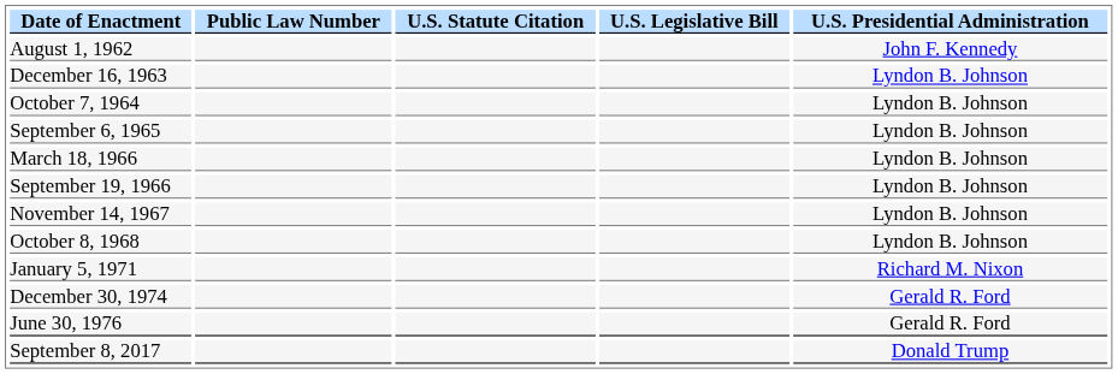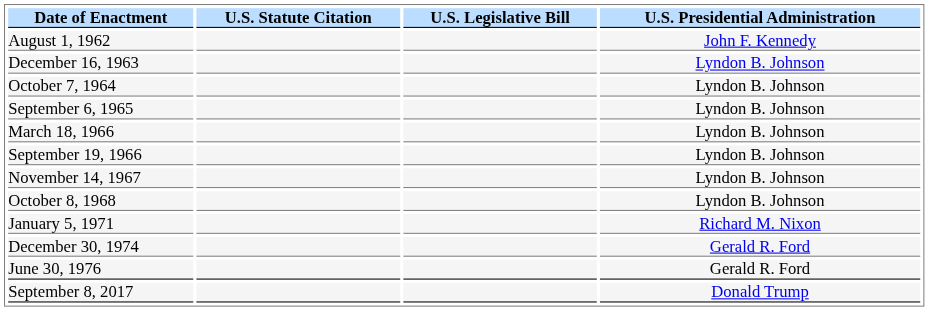 <table style="border:1px solid gray; align:left; width:70%" cellspacing=3 cellpadding=0>
 <tr style="font-weight:bold; text-align:center; background:#bbddff; color:black;">
 <th style=" border-bottom:1.5px solid black">Date of Enactment</th>
-<th style=" border-bottom:1.5px solid black">Public Law Number</th>
 <th style=" border-bottom:1.5px solid black">U.S. Statute Citation</th>
 <th style=" border-bottom:1.5px solid black">U.S. Legislative Bill</th>
 <th style=" border-bottom:1.5px solid black">U.S. Presidential Administration</th>
 </tr>
 <tr>
 <td style="border-bottom:1px solid gray; background:#F5F5F5;">August 1, 1962</td>
 <td style="border-bottom:1px solid gray; background:#F5F5F5; text-align:center;"></td>
 <td style="border-bottom:1px solid gray; background:#F5F5F5; text-align:center;"></td>
-<td style="border-bottom:1px solid gray; background:#F5F5F5; text-align:center;"></td>
 <td style="border-bottom:1px solid gray; background:#F5F5F5; text-align:center;"><a href='#'>John F. Kennedy</a></td>
 </tr>
 <tr>
 <td style="border-bottom:1px solid gray; background:#F5F5F5;">December 16, 1963</td>
-<td style="border-bottom:1px solid gray; background:#F5F5F5; text-align:center;"></td>
 <td style="border-bottom:1px solid gray; background:#F5F5F5; text-align:center;"></td>
 <td style="border-bottom:1px solid gray; background:#F5F5F5; text-align:center;"></td>
 <td style="border-bottom:1px solid gray; background:#F5F5F5; text-align:center;"><a href='#'>Lyndon B. Johnson</a></td>
 </tr>
 <tr>
 <td style="border-bottom:1px solid gray; background:#F5F5F5;">October 7, 1964</td>
 <td style="border-bottom:1px solid gray; background:#F5F5F5; text-align:center;"></td>
 <td style="border-bottom:1px solid gray; background:#F5F5F5; text-align:center;"></td>
-<td style="border-bottom:1px solid gray; background:#F5F5F5; text-align:center;"></td>
 <td style="border-bottom:1px solid gray; background:#F5F5F5; text-align:center;">Lyndon B. Johnson</td>
 </tr>
 <tr>
 <td style="border-bottom:1px solid gray; background:#F5F5F5;">September 6, 1965</td>
-<td style="border-bottom:1px solid gray; background:#F5F5F5; text-align:center;"></td>
 <td style="border-bottom:1px solid gray; background:#F5F5F5; text-align:center;"></td>
 <td style="border-bottom:1px solid gray; background:#F5F5F5; text-align:center;"></td>
 <td style="border-bottom:1px solid gray; background:#F5F5F5; text-align:center;">Lyndon B. Johnson</td>
 </tr>
 <tr>
 <td style="border-bottom:1px solid gray; background:#F5F5F5;">March 18, 1966</td>
 <td style="border-bottom:1px solid gray; background:#F5F5F5; text-align:center;"></td>
 <td style="border-bottom:1px solid gray; background:#F5F5F5; text-align:center;"></td>
-<td style="border-bottom:1px solid gray; background:#F5F5F5; text-align:center;"></td>
 <td style="border-bottom:1px solid gray; background:#F5F5F5; text-align:center;">Lyndon B. Johnson</td>
 </tr>
 <tr>
 <td style="border-bottom:1px solid gray; background:#F5F5F5;">September 19, 1966</td>
-<td style="border-bottom:1px solid gray; background:#F5F5F5; text-align:center;"></td>
 <td style="border-bottom:1px solid gray; background:#F5F5F5; text-align:center;"></td>
 <td style="border-bottom:1px solid gray; background:#F5F5F5; text-align:center;"></td>
 <td style="border-bottom:1px solid gray; background:#F5F5F5; text-align:center;">Lyndon B. Johnson</td>
 </tr>
 <tr>
 <td style="border-bottom:1px solid gray; background:#F5F5F5;">November 14, 1967</td>
 <td style="border-bottom:1px solid gray; background:#F5F5F5; text-align:center;"></td>
 <td style="border-bottom:1px solid gray; background:#F5F5F5; text-align:center;"></td>
-<td style="border-bottom:1px solid gray; background:#F5F5F5; text-align:center;"></td>
 <td style="border-bottom:1px solid gray; background:#F5F5F5; text-align:center;">Lyndon B. Johnson</td>
 </tr>
 <tr>
 <td style="border-bottom:1px solid gray; background:#F5F5F5;">October 8, 1968</td>
-<td style="border-bottom:1px solid gray; background:#F5F5F5; text-align:center;"></td>
 <td style="border-bottom:1px solid gray; background:#F5F5F5; text-align:center;"></td>
 <td style="border-bottom:1px solid gray; background:#F5F5F5; text-align:center;"></td>
 <td style="border-bottom:1px solid gray; background:#F5F5F5; text-align:center;">Lyndon B. Johnson</td>
 </tr>
 <tr>
 <td style="border-bottom:1px solid gray; background:#F5F5F5;">January 5, 1971</td>
 <td style="border-bottom:1px solid gray; background:#F5F5F5; text-align:center;"></td>
 <td style="border-bottom:1px solid gray; background:#F5F5F5; text-align:center;"></td>
-<td style="border-bottom:1px solid gray; background:#F5F5F5; text-align:center;"></td>
 <td style="border-bottom:1px solid gray; background:#F5F5F5; text-align:center;"><a href='#'>Richard M. Nixon</a></td>
 </tr>
 <tr>
 <td style="border-bottom:1px solid gray; background:#F5F5F5;">December 30, 1974</td>
-<td style="border-bottom:1px solid gray; background:#F5F5F5; text-align:center;"></td>
 <td style="border-bottom:1px solid gray; background:#F5F5F5; text-align:center;"></td>
 <td style="border-bottom:1px solid gray; background:#F5F5F5; text-align:center;"></td>
 <td style="border-bottom:1px solid gray; background:#F5F5F5; text-align:center;"><a href='#'>Gerald R. Ford</a></td>
 </tr>
 <tr>
 <td style="border-bottom:1.5px solid black; background:#F5F5F5;">June 30, 1976</td>
 <td style="border-bottom:1.5px solid black; background:#F5F5F5; text-align:center;"></td>
 <td style="border-bottom:1.5px solid black; background:#F5F5F5; text-align:center;"></td>
-<td style="border-bottom:1.5px solid black; background:#F5F5F5; text-align:center;"></td>
 <td style="border-bottom:1.5px solid black; background:#F5F5F5; text-align:center;">Gerald R. Ford</td>
 </tr>
 <tr>
 <td style="border-bottom:1.5px solid black; background:#F5F5F5;">September 8, 2017</td>
 <td style="border-bottom:1.5px solid black; background:#F5F5F5; text-align:center;"></td>
 <td style="border-bottom:1.5px solid black; background:#F5F5F5; text-align:center;"></td>
-<td style="border-bottom:1.5px solid black; background:#F5F5F5; text-align:center;"></td>
 <td style="border-bottom:1.5px solid black; background:#F5F5F5; text-align:center;"><a href='#'>Donald Trump</a></td>
 </tr>
 </table>
